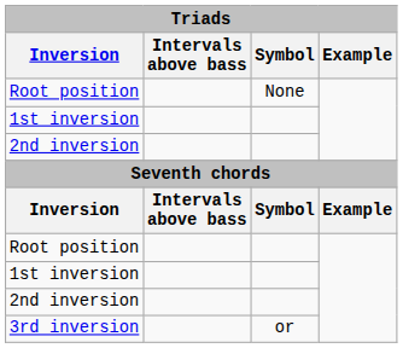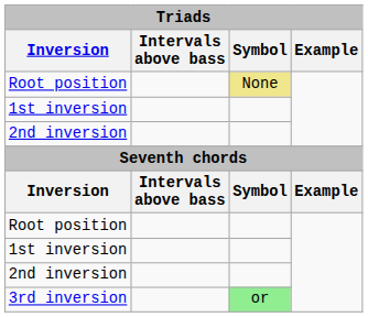 <table class="wikitable floatright">
 <tr>
 <th colspan="4" style="background: Silver">Triads</th>
 </tr>
 <tr>
 <th align="center"><a href='#'>Inversion</a></th>
 <th align="center">Intervals<br>above bass</th>
 <th align="center">Symbol</th>
 <th align="center">Example</th>
 </tr>
 <tr>
 <td><a href='#'>Root position</a></td>
 <td align="center"></td>
-<td align="center">None</td>
+<td align="center" style="background: khaki;">None</td>
 <td rowspan="3" align="center"></td>
 </tr>
 <tr>
 <td><a href='#'>1st inversion</a></td>
 <td align="center"></td>
 <td align="center"></td>
 </tr>
 <tr>
 <td><a href='#'>2nd inversion</a></td>
 <td align="center"></td>
 <td align="center"></td>
 </tr>
 <tr>
 <th colspan="4" style="background: Silver">Seventh chords</th>
 </tr>
 <tr>
 <th align="center">Inversion</th>
 <th align="center">Intervals<br>above bass</th>
 <th align="center">Symbol</th>
 <th align="center">Example</th>
 </tr>
 <tr>
 <td>Root position</td>
 <td align="center"></td>
 <td align="center"></td>
 <td rowspan="4" align="center"></td>
 </tr>
 <tr>
 <td>1st inversion</td>
 <td align="center"></td>
 <td align="center"></td>
 </tr>
 <tr>
 <td>2nd inversion</td>
 <td align="center"></td>
 <td align="center"></td>
 </tr>
 <tr>
 <td><a href='#'>3rd inversion</a></td>
 <td align="center"></td>
-<td align="center"> or </td>
+<td align="center" style="background: lightgreen;"> or </td>
 </tr>
 </table>
